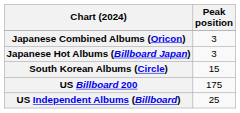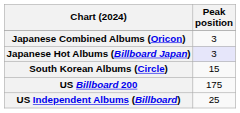 <table class="wikitable sortable plainrowheaders" style="text-align:center">
 <tr>
 <th scope="col">Chart (2024)</th>
 <th scope="col">Peak<br>position</th>
 </tr>
 <tr>
 </tr>
 <tr>
 <th scope="row">Japanese Combined Albums (<a href='#'>Oricon</a>)</th>
 <td>3</td>
 </tr>
 <tr>
 <th scope="row">Japanese Hot Albums (<em><a href='#'>Billboard Japan</a></em>)</th>
-<td>3</td>
+<td style="background: lavender;">3</td>
 </tr>
 <tr>
 <th scope="row">South Korean Albums (<a href='#'>Circle</a>)</th>
 <td>15</td>
 </tr>
 <tr>
 <th scope="row">US <a href='#'><em>Billboard</em> 200</a></th>
 <td>175</td>
 </tr>
 <tr>
 <th scope="row">US <a href='#'>Independent Albums</a> (<em><a href='#'>Billboard</a></em>)</th>
 <td>25</td>
 </tr>
 </table>
